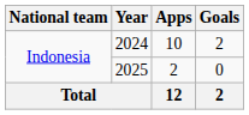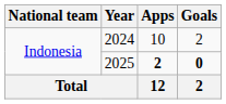 <table class="wikitable" style="text-align:center">
 <tr>
 <th>National team</th>
 <th>Year</th>
 <th>Apps</th>
 <th>Goals</th>
 </tr>
 <tr>
 <td rowspan="2"><a href='#'>Indonesia</a></td>
 <td>2024</td>
 <td>10</td>
 <td>2</td>
 </tr>
 <tr>
 <td>2025</td>
-<td>2</td>
-<td>0</td>
+<td><strong>2</strong></td>
+<td><strong>0</strong></td>
 </tr>
 <tr>
 <th colspan="2">Total</th>
 <th>12</th>
 <th>2</th>
 </tr>
 </table>
